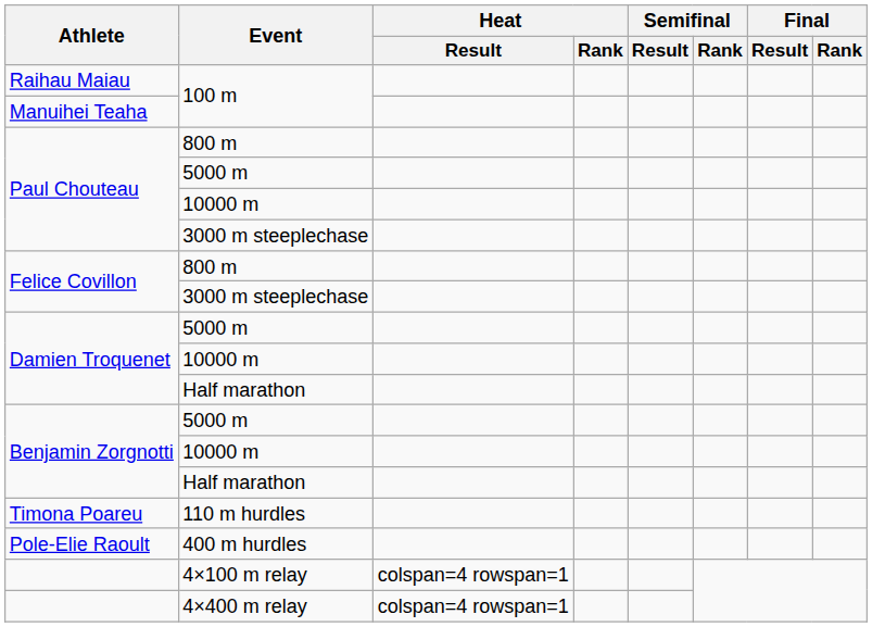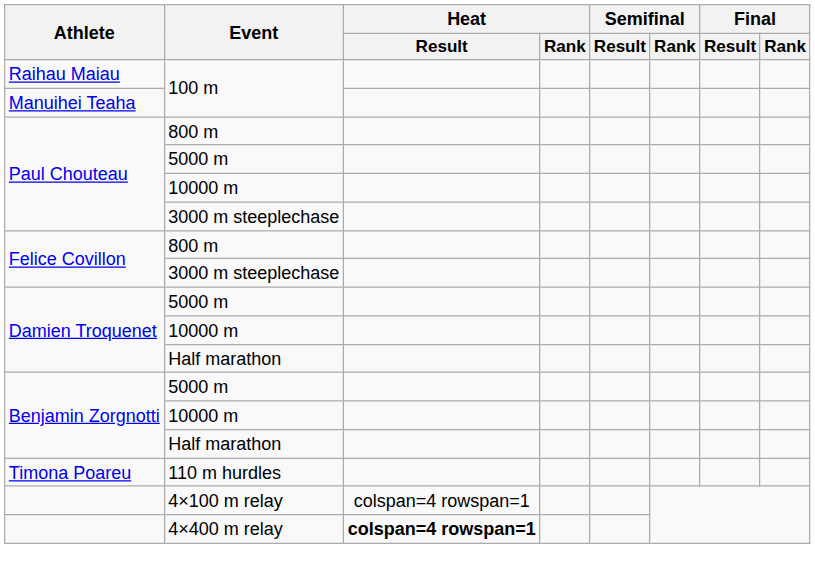 <table class="wikitable" style="font-size:90%">
 <tr>
 <th rowspan="2">Athlete</th>
 <th rowspan="2">Event</th>
 <th colspan="2">Heat</th>
 <th colspan="2">Semifinal</th>
 <th colspan="2">Final</th>
 </tr>
 <tr style="font-size:95%">
 <th>Result</th>
 <th>Rank</th>
 <th>Result</th>
 <th>Rank</th>
 <th>Result</th>
 <th>Rank</th>
 </tr>
 <tr style=text-align:center>
 <td style=text-align:left><a href='#'>Raihau Maiau</a></td>
 <td style=text-align:left rowspan=2>100 m</td>
 <td></td>
 <td></td>
 <td></td>
 <td></td>
 <td></td>
 <td></td>
 </tr>
 <tr style=text-align:center>
 <td style=text-align:left><a href='#'>Manuihei Teaha</a></td>
 <td></td>
 <td></td>
 <td></td>
 <td></td>
 <td></td>
 <td></td>
 </tr>
 <tr style=text-align:center>
 <td style=text-align:left rowspan=4><a href='#'>Paul Chouteau</a></td>
 <td style=text-align:left>800 m</td>
 <td></td>
 <td></td>
 <td></td>
 <td></td>
 <td></td>
 <td></td>
 </tr>
 <tr style=text-align:center>
 <td style=text-align:left>5000 m</td>
 <td></td>
 <td></td>
 <td></td>
 <td></td>
 <td></td>
 <td></td>
 </tr>
 <tr style=text-align:center>
 <td style=text-align:left>10000 m</td>
 <td></td>
 <td></td>
 <td></td>
 <td></td>
 <td></td>
 <td></td>
 </tr>
 <tr style=text-align:center>
 <td style=text-align:left>3000 m steeplechase</td>
 <td></td>
 <td></td>
 <td></td>
 <td></td>
 <td></td>
 <td></td>
 </tr>
 <tr style=text-align:center>
 <td style=text-align:left rowspan=2><a href='#'>Felice Covillon</a></td>
 <td style=text-align:left>800 m</td>
 <td></td>
 <td></td>
 <td></td>
 <td></td>
 <td></td>
 <td></td>
 </tr>
 <tr style=text-align:center>
 <td style=text-align:left>3000 m steeplechase</td>
 <td></td>
 <td></td>
 <td></td>
 <td></td>
 <td></td>
 <td></td>
 </tr>
 <tr style=text-align:center>
 <td style=text-align:left rowspan=3><a href='#'>Damien Troquenet</a></td>
 <td style=text-align:left>5000 m</td>
 <td></td>
 <td></td>
 <td></td>
 <td></td>
 <td></td>
 <td></td>
 </tr>
 <tr style=text-align:center>
 <td style=text-align:left>10000 m</td>
 <td></td>
 <td></td>
 <td></td>
 <td></td>
 <td></td>
 <td></td>
 </tr>
 <tr style=text-align:center>
 <td style=text-align:left>Half marathon</td>
 <td></td>
 <td></td>
 <td></td>
 <td></td>
 <td></td>
 <td></td>
 </tr>
 <tr style=text-align:center>
 <td style=text-align:left rowspan=3><a href='#'>Benjamin Zorgnotti</a></td>
 <td style=text-align:left>5000 m</td>
 <td></td>
 <td></td>
 <td></td>
 <td></td>
 <td></td>
 <td></td>
 </tr>
 <tr style=text-align:center>
 <td style=text-align:left>10000 m</td>
 <td></td>
 <td></td>
 <td></td>
 <td></td>
 <td></td>
 <td></td>
 </tr>
 <tr style=text-align:center>
 <td style=text-align:left>Half marathon</td>
 <td></td>
 <td></td>
 <td></td>
 <td></td>
 <td></td>
 <td></td>
 </tr>
 <tr style=text-align:center>
 <td style=text-align:left><a href='#'>Timona Poareu</a></td>
 <td style=text-align:left>110 m hurdles</td>
 <td></td>
 <td></td>
 <td></td>
 <td></td>
 <td></td>
 <td></td>
 </tr>
 <tr style=text-align:center>
-<td style=text-align:left><a href='#'>Pole-Elie Raoult</a></td>
-<td style=text-align:left>400 m hurdles</td>
-<td></td>
-<td></td>
-<td></td>
-<td></td>
-<td></td>
-<td></td>
-</tr>
-<tr style=text-align:center>
 <td style=text-align:left></td>
 <td style=text-align:left rowspan=1>4×100 m relay</td>
 <td>colspan=4 rowspan=1 </td>
 <td></td>
 <td></td>
 </tr>
 <tr style=text-align:center>
 <td style=text-align:left></td>
 <td style=text-align:left rowspan=1>4×400 m relay</td>
-<td>colspan=4 rowspan=1 </td>
+<td><strong>colspan=4 rowspan=1 </strong></td>
 <td></td>
 <td></td>
 </tr>
 </table>
